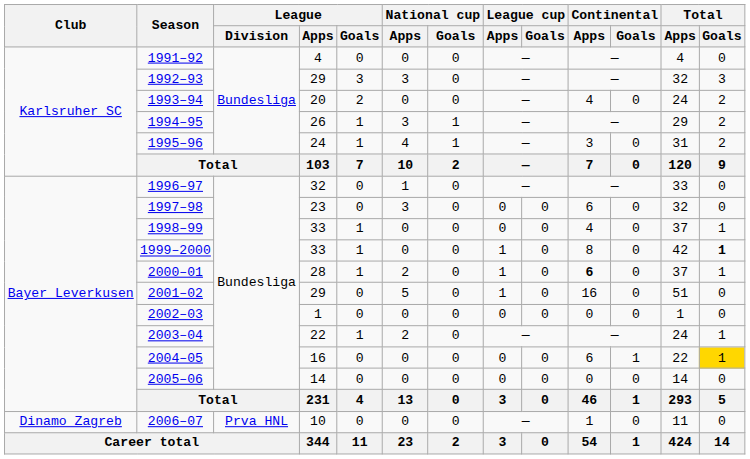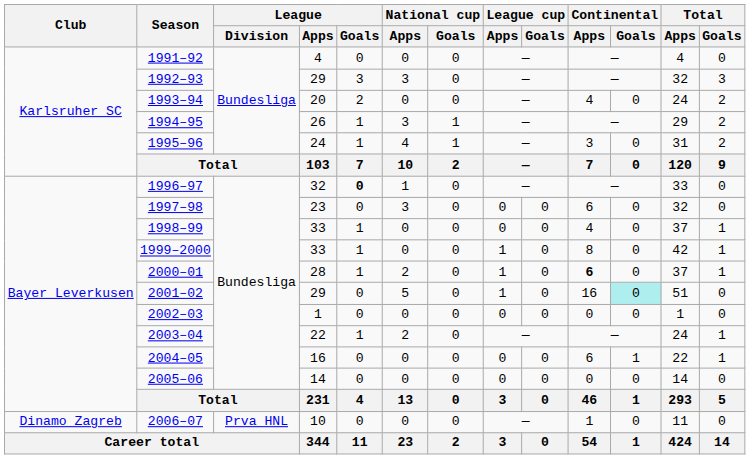 <table class="wikitable" style="text-align:center">
 <tr>
 <th rowspan="2">Club</th>
 <th rowspan="2">Season</th>
 <th colspan="3">League</th>
 <th colspan="2">National cup</th>
 <th colspan="2">League cup</th>
 <th colspan="2">Continental</th>
 <th colspan="2">Total</th>
 </tr>
 <tr>
 <th>Division</th>
 <th>Apps</th>
 <th>Goals</th>
 <th>Apps</th>
 <th>Goals</th>
 <th>Apps</th>
 <th>Goals</th>
 <th>Apps</th>
 <th>Goals</th>
 <th>Apps</th>
 <th>Goals</th>
 </tr>
 <tr>
 <td rowspan="6"><a href='#'>Karlsruher SC</a></td>
 <td><a href='#'>1991–92</a></td>
 <td rowspan="5"><a href='#'>Bundesliga</a></td>
 <td>4</td>
 <td>0</td>
 <td>0</td>
 <td>0</td>
 <td colspan="2">—</td>
 <td colspan="2">—</td>
 <td>4</td>
 <td>0</td>
 </tr>
 <tr>
 <td><a href='#'>1992–93</a></td>
 <td>29</td>
 <td>3</td>
 <td>3</td>
 <td>0</td>
 <td colspan="2">—</td>
 <td colspan="2">—</td>
 <td>32</td>
 <td>3</td>
 </tr>
 <tr>
 <td><a href='#'>1993–94</a></td>
 <td>20</td>
 <td>2</td>
 <td>0</td>
 <td>0</td>
 <td colspan="2">—</td>
 <td>4</td>
 <td>0</td>
 <td>24</td>
 <td>2</td>
 </tr>
 <tr>
 <td><a href='#'>1994–95</a></td>
 <td>26</td>
 <td>1</td>
 <td>3</td>
 <td>1</td>
 <td colspan="2">—</td>
 <td colspan="2">—</td>
 <td>29</td>
 <td>2</td>
 </tr>
 <tr>
 <td><a href='#'>1995–96</a></td>
 <td>24</td>
 <td>1</td>
 <td>4</td>
 <td>1</td>
 <td colspan="2">—</td>
 <td>3</td>
 <td>0</td>
 <td>31</td>
 <td>2</td>
 </tr>
 <tr>
 <th colspan="2">Total</th>
 <th>103</th>
 <th>7</th>
 <th>10</th>
 <th>2</th>
 <th colspan="2">—</th>
 <th>7</th>
 <th>0</th>
 <th>120</th>
 <th>9</th>
 </tr>
 <tr>
 <td rowspan="11"><a href='#'>Bayer Leverkusen</a></td>
 <td><a href='#'>1996–97</a></td>
 <td rowspan="10">Bundesliga</td>
 <td>32</td>
-<td>0</td>
+<td><strong>0</strong></td>
 <td>1</td>
 <td>0</td>
 <td colspan="2">—</td>
 <td colspan="2">—</td>
 <td>33</td>
 <td>0</td>
 </tr>
 <tr>
 <td><a href='#'>1997–98</a></td>
 <td>23</td>
 <td>0</td>
 <td>3</td>
 <td>0</td>
 <td>0</td>
 <td>0</td>
 <td>6</td>
 <td>0</td>
 <td>32</td>
 <td>0</td>
 </tr>
 <tr>
 <td><a href='#'>1998–99</a></td>
 <td>33</td>
 <td>1</td>
 <td>0</td>
 <td>0</td>
 <td>0</td>
 <td>0</td>
 <td>4</td>
 <td>0</td>
 <td>37</td>
 <td>1</td>
 </tr>
 <tr>
 <td><a href='#'>1999–2000</a></td>
 <td>33</td>
 <td>1</td>
 <td>0</td>
 <td>0</td>
 <td>1</td>
 <td>0</td>
 <td>8</td>
 <td>0</td>
 <td>42</td>
-<td><strong>1</strong></td>
+<td>1</td>
 </tr>
 <tr>
 <td><a href='#'>2000–01</a></td>
 <td>28</td>
 <td>1</td>
 <td>2</td>
 <td>0</td>
 <td>1</td>
 <td>0</td>
 <td><strong>6</strong></td>
 <td>0</td>
 <td>37</td>
 <td>1</td>
 </tr>
 <tr>
 <td><a href='#'>2001–02</a></td>
 <td>29</td>
 <td>0</td>
 <td>5</td>
 <td>0</td>
 <td>1</td>
 <td>0</td>
 <td>16</td>
-<td>0</td>
+<td style="background: paleturquoise;">0</td>
 <td>51</td>
 <td>0</td>
 </tr>
 <tr>
 <td><a href='#'>2002–03</a></td>
 <td>1</td>
 <td>0</td>
 <td>0</td>
 <td>0</td>
 <td>0</td>
 <td>0</td>
 <td>0</td>
 <td>0</td>
 <td>1</td>
 <td>0</td>
 </tr>
 <tr>
 <td><a href='#'>2003–04</a></td>
 <td>22</td>
 <td>1</td>
 <td>2</td>
 <td>0</td>
 <td colspan="2">—</td>
 <td colspan="2">—</td>
 <td>24</td>
 <td>1</td>
 </tr>
 <tr>
 <td><a href='#'>2004–05</a></td>
 <td>16</td>
 <td>0</td>
 <td>0</td>
 <td>0</td>
 <td>0</td>
 <td>0</td>
 <td>6</td>
 <td>1</td>
 <td>22</td>
-<td style="background: gold;">1</td>
+<td>1</td>
 </tr>
 <tr>
 <td><a href='#'>2005–06</a></td>
 <td>14</td>
 <td>0</td>
 <td>0</td>
 <td>0</td>
 <td>0</td>
 <td>0</td>
 <td>0</td>
 <td>0</td>
 <td>14</td>
 <td>0</td>
 </tr>
 <tr>
 <th colspan="2">Total</th>
 <th>231</th>
 <th>4</th>
 <th>13</th>
 <th>0</th>
 <th>3</th>
 <th>0</th>
 <th>46</th>
 <th>1</th>
 <th>293</th>
 <th>5</th>
 </tr>
 <tr>
 <td><a href='#'>Dinamo Zagreb</a></td>
 <td><a href='#'>2006–07</a></td>
 <td><a href='#'>Prva HNL</a></td>
 <td>10</td>
 <td>0</td>
 <td>0</td>
 <td>0</td>
 <td colspan="2">—</td>
 <td>1</td>
 <td>0</td>
 <td>11</td>
 <td>0</td>
 </tr>
 <tr>
 <th colspan="3">Career total</th>
 <th>344</th>
 <th>11</th>
 <th>23</th>
 <th>2</th>
 <th>3</th>
 <th>0</th>
 <th>54</th>
 <th>1</th>
 <th>424</th>
 <th>14</th>
 </tr>
 </table>
